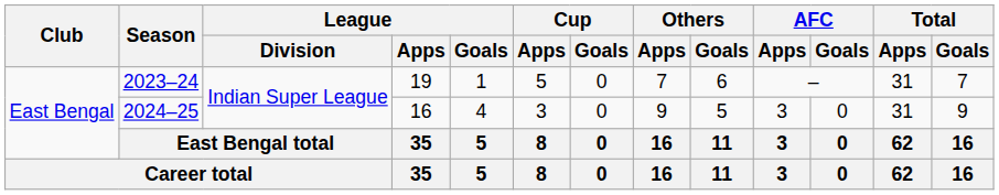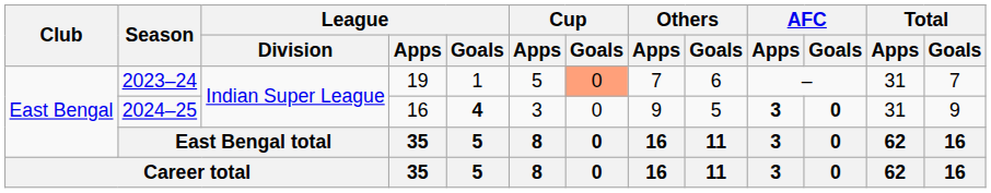 <table class="wikitable" style="text-align:center">
 <tr>
 <th rowspan="2">Club</th>
 <th rowspan="2">Season</th>
 <th colspan="3">League</th>
 <th colspan="2">Cup</th>
 <th colspan="2">Others</th>
 <th colspan="2"><a href='#'>AFC</a></th>
 <th colspan="2">Total</th>
 </tr>
 <tr>
 <th>Division</th>
 <th>Apps</th>
 <th>Goals</th>
 <th>Apps</th>
 <th>Goals</th>
 <th>Apps</th>
 <th>Goals</th>
 <th>Apps</th>
 <th>Goals</th>
 <th>Apps</th>
 <th>Goals</th>
 </tr>
 <tr>
 <td rowspan=3><a href='#'>East Bengal</a></td>
 <td><a href='#'>2023–24</a></td>
 <td rowspan=2><a href='#'>Indian Super League</a></td>
 <td>19</td>
 <td>1</td>
 <td>5</td>
-<td>0</td>
+<td style="background: lightsalmon;">0</td>
 <td>7</td>
 <td>6</td>
 <td colspan=2>–</td>
 <td>31</td>
 <td>7</td>
 </tr>
 <tr>
 <td><a href='#'>2024–25</a></td>
 <td>16</td>
-<td>4</td>
+<td><strong>4</strong></td>
 <td>3</td>
 <td>0</td>
 <td>9</td>
 <td>5</td>
-<td>3</td>
-<td>0</td>
+<td><strong>3</strong></td>
+<td><strong>0</strong></td>
 <td>31</td>
 <td>9</td>
 </tr>
 <tr>
 <th colspan=2><strong>East Bengal total</strong></th>
 <th>35</th>
 <th>5</th>
 <th>8</th>
 <th>0</th>
 <th>16</th>
 <th>11</th>
 <th>3</th>
 <th>0</th>
 <th>62</th>
 <th>16</th>
 </tr>
 <tr>
 <th colspan=3><strong>Career total</strong></th>
 <th>35</th>
 <th>5</th>
 <th>8</th>
 <th>0</th>
 <th>16</th>
 <th>11</th>
 <th>3</th>
 <th>0</th>
 <th>62</th>
 <th>16</th>
 </tr>
 </table>
